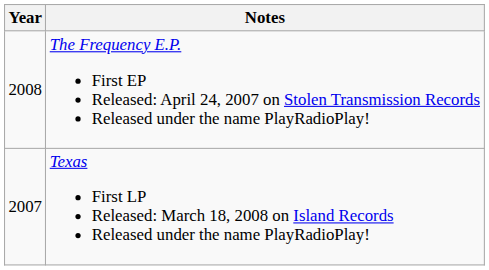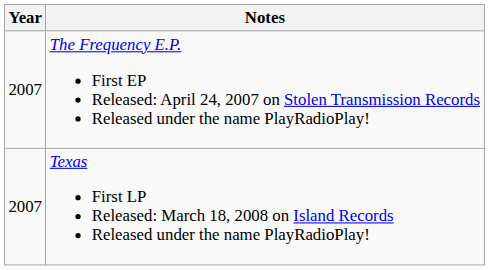 <table class="wikitable">
 <tr>
 <th>Year</th>
 <th style="text-align:center;">Notes</th>
 </tr>
 <tr>
-<td>2008</td>
+<td>2007</td>
 <td><em><a href='#'>The Frequency E.P.</a></em><br><ul><li>First EP</li><li>Released: April 24, 2007 on <a href='#'>Stolen Transmission Records</a></li><li>Released under the name PlayRadioPlay!</li></ul></td>
 </tr>
 <tr>
 <td>2007</td>
 <td><em><a href='#'>Texas</a></em><br><ul><li>First LP</li><li>Released: March 18, 2008 on <a href='#'>Island Records</a></li><li>Released under the name PlayRadioPlay!</li></ul></td>
 </tr>
 </table>
